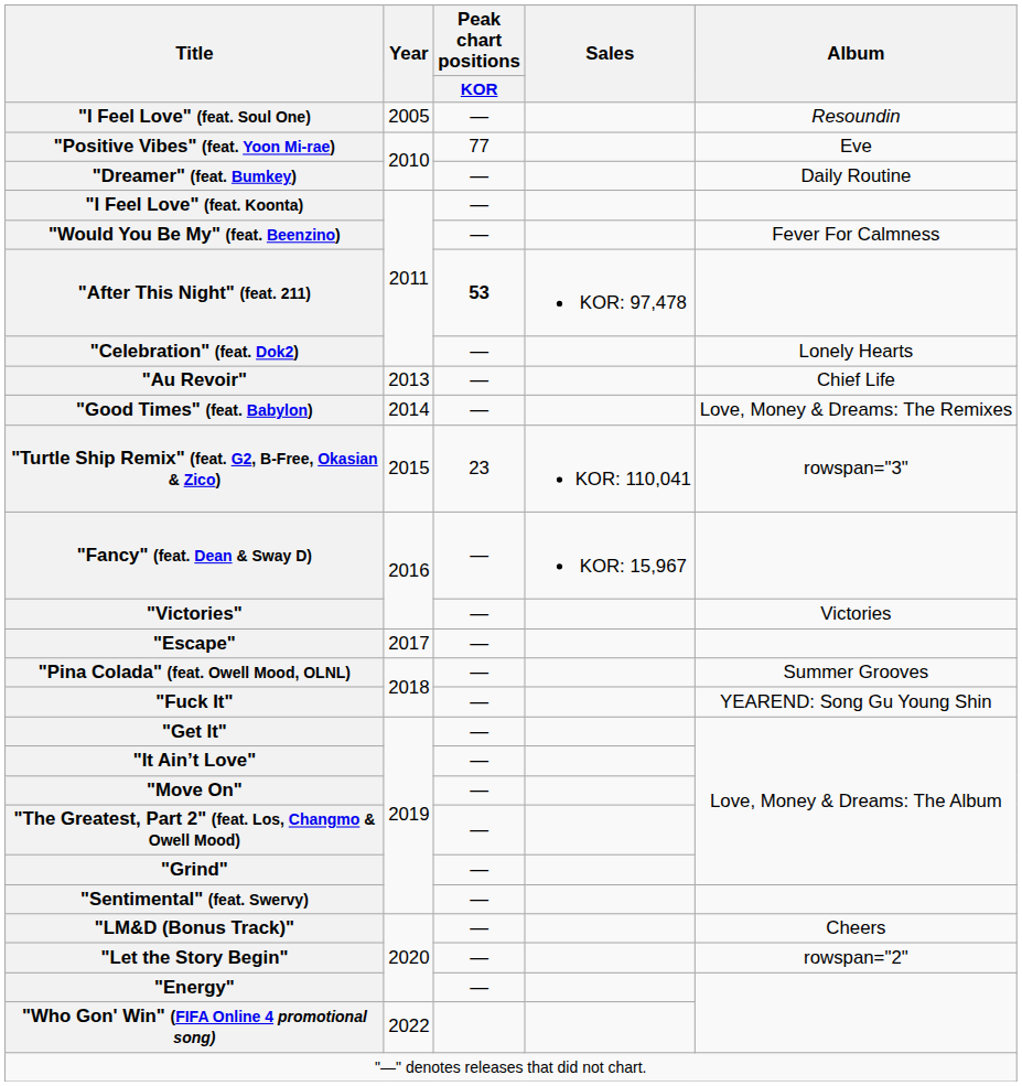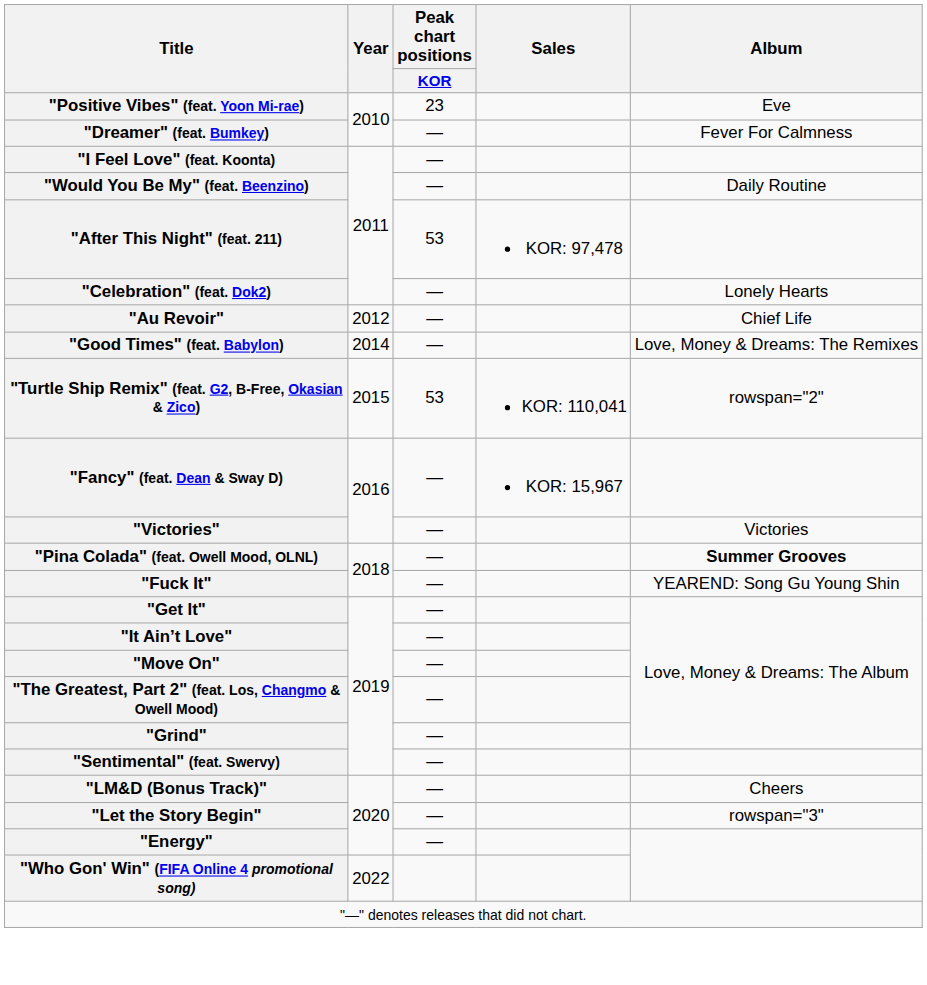 <table class="wikitable plainrowheaders" style="text-align:center;">
 <tr>
 <th scope="col" rowspan="2" style="width:20em;">Title</th>
 <th scope="col" rowspan="2">Year</th>
 <th scope="col" colspan="1">Peak chart positions</th>
 <th scope="col" rowspan="2">Sales</th>
 <th scope="col" rowspan="2">Album</th>
 </tr>
 <tr>
 <th scope="col" style="width:2.5em;font-size:90%;"><a href='#'>KOR</a><br></th>
 </tr>
 <tr>
-<th scope="row">"I Feel Love" <small>(feat. Soul One)</small></th>
-<td>2005</td>
-<td>—</td>
-<td></td>
-<td><em>Resoundin<strong></td>
-</tr>
-<tr>
 <th scope="row">"Positive Vibes" <small>(feat. <a href='#'>Yoon Mi-rae</a>)</small></th>
 <td rowspan="2">2010</td>
-<td>77</td>
+<td>23</td>
 <td></td>
 <td></em>Eve<em></td>
 </tr>
 <tr>
 <th scope="row">"Dreamer" <small>(feat. <a href='#'>Bumkey</a>)</small></th>
 <td>—</td>
 <td></td>
-<td></em>Daily Routine<em></td>
+<td></em>Fever For Calmness<em></td>
 </tr>
 <tr>
 <th scope="row">"I Feel Love" <small>(feat. Koonta)</small></th>
 <td rowspan="4">2011</td>
 <td>—</td>
 <td></td>
 <td></td>
 </tr>
 <tr>
 <th scope="row">"Would You Be My" <small>(feat. <a href='#'>Beenzino</a>)</small></th>
 <td>—</td>
 <td></td>
-<td></em>Fever For Calmness<em></td>
+<td></em>Daily Routine<em></td>
 </tr>
 <tr>
 <th scope="row">"After This Night"  <small>(feat. 211)</small></th>
-<td><strong>53</strong></td>
+<td>53</td>
 <td><br><ul><li>KOR: 97,478</li></ul></td>
 <td></td>
 </tr>
 <tr>
 <th scope="row">"Celebration" <small>(feat. <a href='#'>Dok2</a>)</small></th>
 <td>—</td>
 <td></td>
 <td></em>Lonely Hearts<em></td>
 </tr>
 <tr>
 <th scope="row">"Au Revoir" </th>
-<td>2013</td>
+<td>2012</td>
 <td>—</td>
 <td></td>
 <td></em>Chief Life<em></td>
 </tr>
 <tr>
 <th scope="row">"Good Times" <small>(feat. <a href='#'>Babylon</a>)</small></th>
 <td>2014</td>
 <td>—</td>
 <td></td>
 <td></em>Love, Money & Dreams: The Remixes<em></td>
 </tr>
 <tr>
 <th scope="row">"Turtle Ship Remix"  <small>(feat. <a href='#'>G2</a>, B-Free, <a href='#'>Okasian</a> & <a href='#'>Zico</a>)</small></th>
 <td>2015</td>
-<td>23</td>
+<td>53</td>
 <td><br><ul><li>KOR: 110,041</li></ul></td>
-<td>rowspan="3" </td>
+<td>rowspan="2" </td>
 </tr>
 <tr>
 <th scope="row">"Fancy" <small>(feat. <a href='#'>Dean</a> & Sway D)</small></th>
 <td rowspan="2">2016</td>
 <td>—</td>
 <td><br><ul><li>KOR: 15,967</li></ul></td>
 </tr>
 <tr>
 <th scope="row">"Victories"</th>
 <td>—</td>
 <td></td>
 <td></em>Victories<em></td>
 </tr>
 <tr>
-<th scope="row">"Escape"</th>
-<td>2017</td>
-<td>—</td>
-<td></td>
-<td></td>
-</tr>
-<tr>
 <th scope="row">"Pina Colada"  <small>(feat. Owell Mood, OLNL)</small></th>
 <td rowspan="2">2018</td>
 <td>—</td>
 <td></td>
-<td></em>Summer Grooves<em></td>
+<td><strong></em>Summer Grooves<em></strong></td>
 </tr>
 <tr>
 <th scope="row">"Fuck It"</th>
 <td>—</td>
 <td></td>
 <td></em>YEAREND: Song Gu Young Shin<em></td>
 </tr>
 <tr>
 <th scope="row">"Get It"</th>
 <td rowspan="6">2019</td>
 <td>—</td>
 <td></td>
 <td rowspan="5"></em>Love, Money & Dreams: The Album<em></td>
 </tr>
 <tr>
 <th scope="row">"It Ain’t Love" </th>
 <td>—</td>
 <td></td>
 </tr>
 <tr>
 <th scope="row">"Move On"</th>
 <td>—</td>
 <td></td>
 </tr>
 <tr>
 <th scope="row">"The Greatest, Part 2" <small>(feat. Los, <a href='#'>Changmo</a> & Owell Mood)</small></th>
 <td>—</td>
 <td></td>
 </tr>
 <tr>
 <th scope="row">"Grind"</th>
 <td>—</td>
 <td></td>
 </tr>
 <tr>
 <th scope="row">"Sentimental"  <small>(feat. Swervy)</small></th>
 <td>—</td>
 <td></td>
 <td></td>
 </tr>
 <tr>
 <th scope="row">"LM&D (Bonus Track)"</th>
 <td rowspan="3">2020</td>
 <td>—</td>
 <td></td>
 <td></em>Cheers<em></td>
 </tr>
 <tr>
 <th scope="row">"Let the Story Begin"</th>
 <td>—</td>
 <td></td>
-<td>rowspan="2" </td>
+<td>rowspan="3" </td>
 </tr>
 <tr>
 <th scope="row">"Energy"</th>
 <td>—</td>
 <td></td>
 </tr>
 <tr>
 <th scope="row">"Who Gon' Win" <small>(</em><a href='#'>FIFA Online 4</a><em> promotional song)</small></th>
 <td>2022</td>
 <td></td>
 <td></td>
 </tr>
 <tr>
 <td colspan="5" align="center"><small>"—" denotes releases that did not chart.</small></td>
 </tr>
 </table>
